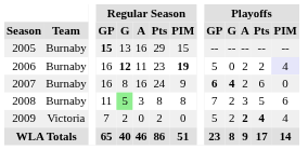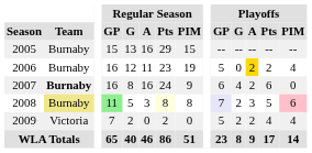 <table BORDER="0" CELLPADDING="3" CELLSPACING="0">
 <tr ALIGN="center" bgcolor="#e0e0e0">
 <th colspan="2" bgcolor="#ffffff"> </th>
 <th rowspan="99" bgcolor="#ffffff"> </th>
 <th colspan="5">Regular Season</th>
 <th rowspan="99" bgcolor="#ffffff"> </th>
 <th colspan="5">Playoffs</th>
 </tr>
 <tr ALIGN="center" bgcolor="#e0e0e0">
 <th>Season</th>
 <th>Team</th>
 <th>GP</th>
 <th>G</th>
 <th>A</th>
 <th>Pts</th>
 <th>PIM</th>
 <th>GP</th>
 <th>G</th>
 <th>A</th>
 <th>Pts</th>
 <th>PIM</th>
 </tr>
 <tr ALIGN="center" bgcolor="#f0f0f0">
 <td>2005</td>
 <td>Burnaby</td>
-<td><strong>15</strong></td>
+<td>15</td>
 <td>13</td>
 <td>16</td>
 <td>29</td>
 <td>15</td>
 <td>--</td>
 <td>--</td>
 <td>--</td>
 <td>--</td>
 <td>--</td>
 </tr>
 <tr ALIGN="center">
 <td>2006</td>
 <td>Burnaby</td>
 <td>16</td>
-<td><strong>12</strong></td>
+<td>12</td>
 <td>11</td>
 <td>23</td>
-<td><strong>19</strong></td>
+<td>19</td>
 <td>5</td>
 <td>0</td>
+<td style="background: gold;">2</td>
 <td>2</td>
-<td>2</td>
-<td style="background: lavender;">4</td>
+<td>4</td>
 </tr>
 <tr ALIGN="center" bgcolor="#f0f0f0">
 <td>2007</td>
-<td>Burnaby</td>
+<td><strong>Burnaby</strong></td>
 <td>16</td>
 <td>8</td>
 <td>16</td>
 <td>24</td>
 <td>9</td>
-<td><strong>6</strong></td>
-<td><strong>4</strong></td>
+<td>6</td>
+<td>4</td>
 <td>2</td>
 <td>6</td>
 <td>0</td>
 </tr>
 <tr ALIGN="center">
 <td>2008</td>
-<td>Burnaby</td>
-<td>11</td>
-<td style="background: lightgreen;">5</td>
+<td style="background: khaki;">Burnaby</td>
+<td style="background: lightgreen;">11</td>
+<td>5</td>
 <td>3</td>
+<td style="background: lightyellow;">8</td>
 <td>8</td>
-<td>8</td>
-<td>7</td>
+<td style="background: lavender;">7</td>
 <td>2</td>
 <td>3</td>
 <td>5</td>
-<td>6</td>
+<td style="background: pink;">6</td>
 </tr>
 <tr ALIGN="center" bgcolor="#f0f0f0">
 <td>2009</td>
 <td>Victoria</td>
 <td>7</td>
 <td>2</td>
 <td>0</td>
 <td>2</td>
 <td>0</td>
 <td>5</td>
 <td>2</td>
-<td><strong>2</strong></td>
-<td><strong>4</strong></td>
+<td>2</td>
+<td>4</td>
 <td>4</td>
 </tr>
 <tr ALIGN="center" bgcolor="#e0e0e0">
 <th colspan="2">WLA Totals</th>
 <th>65</th>
 <th>40</th>
 <th>46</th>
 <th>86</th>
 <th>51</th>
 <th>23</th>
 <th>8</th>
 <th>9</th>
 <th>17</th>
 <th>14</th>
 </tr>
 </table>
